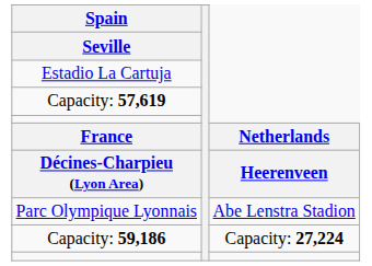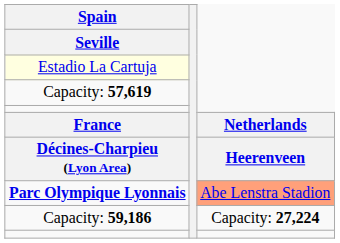 <table class="wikitable" style="text-align:center; margin-left:auto; margin-right:auto; border:none;">
 <tr>
 <th> <a href='#'>Spain</a></th>
 <th rowspan="10"></th>
 </tr>
 <tr>
 <th><a href='#'>Seville</a></th>
 </tr>
 <tr>
-<td><a href='#'>Estadio La Cartuja</a></td>
+<td style="background: lightyellow;"><a href='#'>Estadio La Cartuja</a></td>
 </tr>
 <tr>
 <td>Capacity: <strong>57,619</strong></td>
 </tr>
 <tr>
 <td></td>
 </tr>
 <tr>
 <th> <a href='#'>France</a></th>
 <th> <a href='#'>Netherlands</a></th>
 </tr>
 <tr>
 <th><a href='#'>Décines-Charpieu</a><br><small>(<a href='#'>Lyon Area</a>)</small></th>
 <th><a href='#'>Heerenveen</a></th>
 </tr>
 <tr>
-<td><a href='#'>Parc Olympique Lyonnais</a></td>
-<td><a href='#'>Abe Lenstra Stadion</a></td>
+<td><strong><a href='#'>Parc Olympique Lyonnais</a></strong></td>
+<td style="background: lightsalmon;"><a href='#'>Abe Lenstra Stadion</a></td>
 </tr>
 <tr>
 <td>Capacity: <strong>59,186</strong></td>
 <td>Capacity: <strong>27,224</strong></td>
 </tr>
 <tr>
 <td></td>
 <td></td>
 </tr>
 </table>
